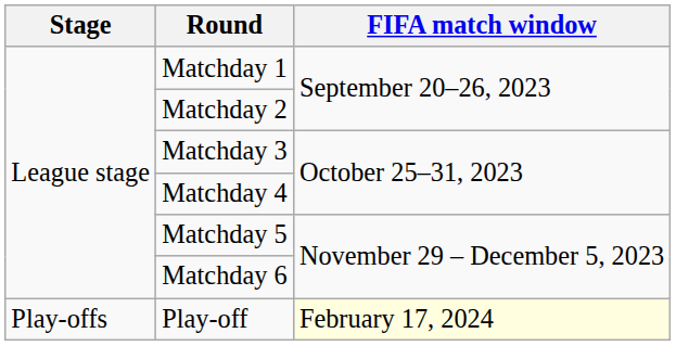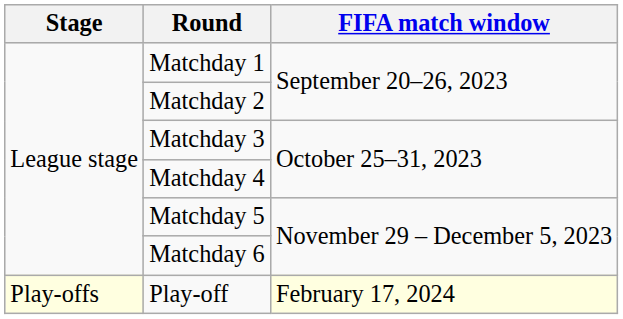 <table class="wikitable">
 <tr>
 <th>Stage</th>
 <th>Round</th>
 <th><a href='#'>FIFA match window</a></th>
 </tr>
 <tr>
 <td rowspan="6">League stage</td>
 <td>Matchday 1</td>
 <td rowspan="2">September 20–26, 2023</td>
 </tr>
 <tr>
 <td>Matchday 2</td>
 </tr>
 <tr>
 <td>Matchday 3</td>
 <td rowspan="2">October 25–31, 2023</td>
 </tr>
 <tr>
 <td>Matchday 4</td>
 </tr>
 <tr>
 <td>Matchday 5</td>
 <td rowspan="2">November 29 – December 5, 2023</td>
 </tr>
 <tr>
 <td>Matchday 6</td>
 </tr>
 <tr>
-<td>Play-offs</td>
+<td style="background: lightyellow;">Play-offs</td>
 <td>Play-off</td>
 <td style="background: lightyellow;">February 17, 2024</td>
 </tr>
 </table>
